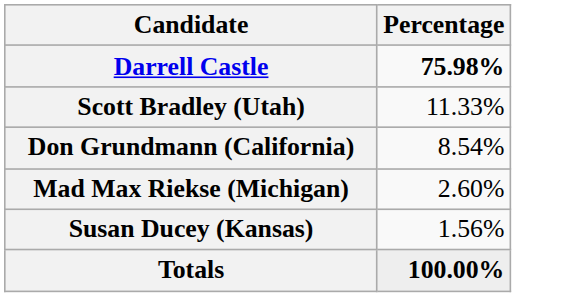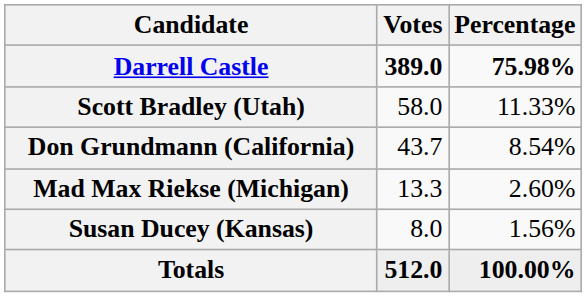 <table class="wikitable plainrowheaders" style="text-align:right;" border="1">
 <tr>
 <th scope="col" style="width:14em;">Candidate</th>
+<th scope="col">Votes</th>
 <th scope="col">Percentage</th>
 </tr>
 <tr>
 <th scope="row"><a href='#'>Darrell Castle</a></th>
+<td><strong>389.0</strong></td>
 <td><strong>75.98%</strong></td>
 </tr>
 <tr>
 <th scope="row">Scott Bradley (Utah)</th>
+<td>58.0</td>
 <td>11.33%</td>
 </tr>
 <tr>
 <th scope="row">Don Grundmann (California)</th>
+<td>43.7</td>
 <td>8.54%</td>
 </tr>
 <tr>
 <th scope="row">Mad Max Riekse (Michigan)</th>
+<td>13.3</td>
 <td>2.60%</td>
 </tr>
 <tr>
 <th scope="row">Susan Ducey (Kansas)</th>
+<td>8.0</td>
 <td>1.56%</td>
 </tr>
 <tr style="background:#eee;">
 <th scope="row"><strong>Totals</strong></th>
+<td><strong>512.0</strong></td>
 <td><strong>100.00%</strong></td>
 </tr>
 </table>
